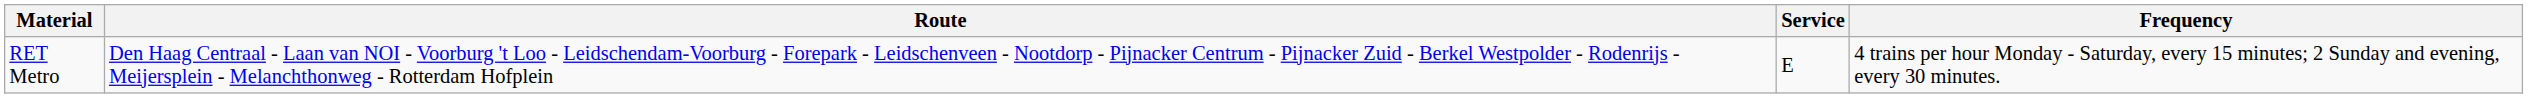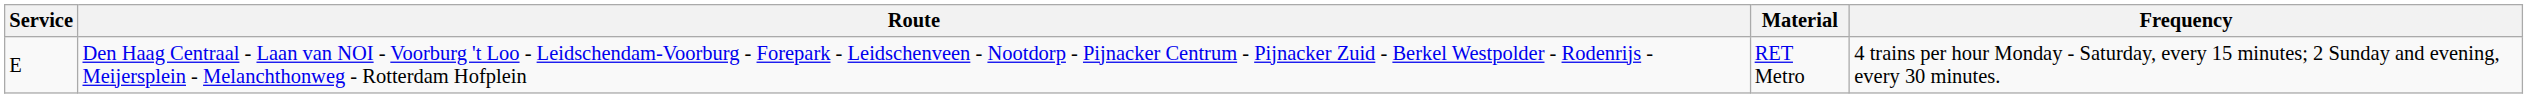 <table class="wikitable vatop">
 <tr>
+<th>Service</th>
+<th>Route</th>
 <th>Material</th>
-<th>Route</th>
-<th>Service</th>
 <th>Frequency</th>
 </tr>
 <tr>
+<td>E</td>
+<td><a href='#'>Den Haag Centraal</a> - <a href='#'>Laan van NOI</a> - <a href='#'>Voorburg 't Loo</a> - <a href='#'>Leidschendam-Voorburg</a> - <a href='#'>Forepark</a> - <a href='#'>Leidschenveen</a> - <a href='#'>Nootdorp</a> - <a href='#'>Pijnacker Centrum</a> - <a href='#'>Pijnacker Zuid</a> - <a href='#'>Berkel Westpolder</a> - <a href='#'>Rodenrijs</a> - <a href='#'>Meijersplein</a> - <a href='#'>Melanchthonweg</a> - Rotterdam Hofplein</td>
 <td><a href='#'>RET</a> Metro</td>
-<td><a href='#'>Den Haag Centraal</a> - <a href='#'>Laan van NOI</a> - <a href='#'>Voorburg 't Loo</a> - <a href='#'>Leidschendam-Voorburg</a> - <a href='#'>Forepark</a> - <a href='#'>Leidschenveen</a> - <a href='#'>Nootdorp</a> - <a href='#'>Pijnacker Centrum</a> - <a href='#'>Pijnacker Zuid</a> - <a href='#'>Berkel Westpolder</a> - <a href='#'>Rodenrijs</a> - <a href='#'>Meijersplein</a> - <a href='#'>Melanchthonweg</a> - Rotterdam Hofplein</td>
-<td>E</td>
 <td>4 trains per hour Monday - Saturday, every 15 minutes; 2 Sunday and evening, every 30 minutes.</td>
 </tr>
 </table>
